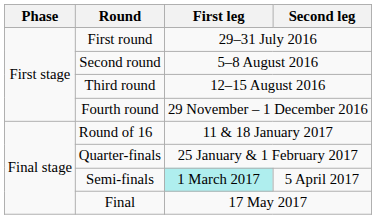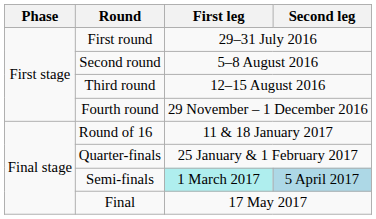 <table class="wikitable" border="1">
 <tr>
 <th>Phase</th>
 <th>Round</th>
 <th>First leg</th>
 <th>Second leg</th>
 </tr>
 <tr>
 <td rowspan=4 align=center>First stage</td>
 <td align="center">First round</td>
 <td colspan=2 align=center>29–31 July 2016</td>
 </tr>
 <tr>
 <td align=center>Second round</td>
 <td colspan=2 align=center>5–8 August 2016</td>
 </tr>
 <tr>
 <td align=center>Third round</td>
 <td colspan=2 align=center>12–15 August 2016</td>
 </tr>
 <tr>
 <td align="center">Fourth round</td>
 <td colspan=2 align=center>29 November – 1 December 2016</td>
 </tr>
 <tr>
 <td rowspan=4 align=center>Final stage</td>
 <td>Round of 16</td>
 <td colspan=2 align=center>11 & 18 January 2017</td>
 </tr>
 <tr>
 <td>Quarter-finals</td>
 <td colspan=2 align=center>25 January & 1 February 2017</td>
 </tr>
 <tr>
 <td align=center>Semi-finals</td>
 <td align=center style="background: paleturquoise;">1 March 2017</td>
-<td align=center>5 April 2017</td>
+<td align=center style="background: lightblue;">5 April 2017</td>
 </tr>
 <tr>
 <td align=center>Final</td>
 <td colspan=2 align=center>17 May 2017</td>
 </tr>
 </table>
